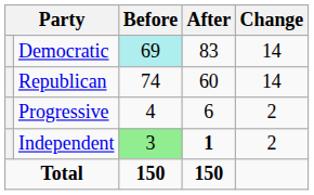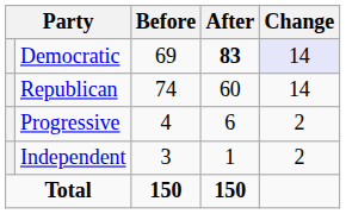 <table class="wikitable" style="text-align:center;">
 <tr>
 <th colspan="2">Party</th>
 <th>Before</th>
 <th>After</th>
 <th>Change</th>
 </tr>
 <tr>
 <th style="background-color:"></th>
 <td style="text-align:left;"><a href='#'>Democratic</a></td>
-<td style="background: paleturquoise;">69</td>
-<td>83</td>
-<td> 14</td>
+<td>69</td>
+<td><strong>83</strong></td>
+<td style="background: lavender;"> 14</td>
 </tr>
 <tr>
 <th style="background-color:"></th>
 <td style="text-align:left;"><a href='#'>Republican</a></td>
 <td>74</td>
 <td>60</td>
 <td> 14</td>
 </tr>
 <tr>
 <th style="background-color:"></th>
 <td style="text-align:left;"><a href='#'>Progressive</a></td>
 <td>4</td>
 <td>6</td>
 <td> 2</td>
 </tr>
 <tr>
 <th style="background-color:"></th>
 <td style="text-align:left;"><a href='#'>Independent</a></td>
-<td style="background: lightgreen;">3</td>
-<td><strong>1</strong></td>
+<td>3</td>
+<td>1</td>
 <td> 2</td>
 </tr>
 <tr>
 <td colspan="2"><strong>Total</strong></td>
 <td><strong>150</strong></td>
 <td><strong>150</strong></td>
 <td></td>
 </tr>
 </table>
